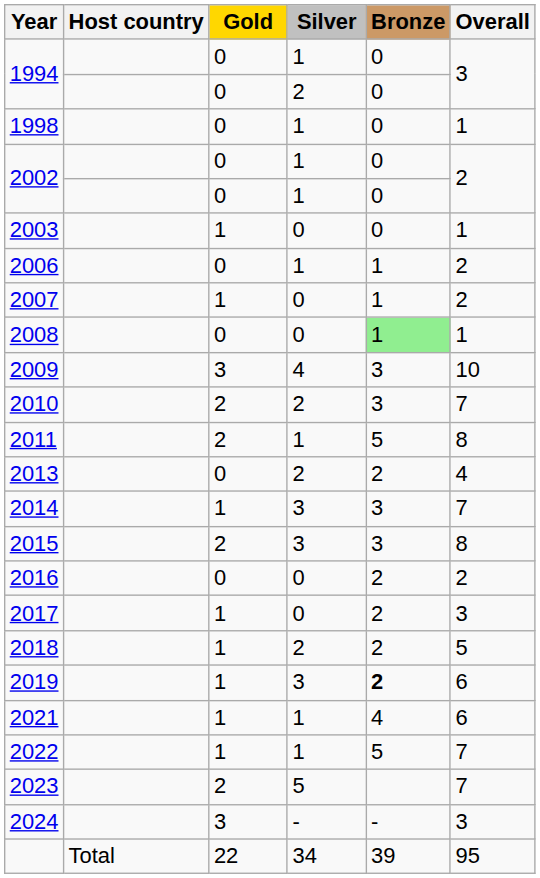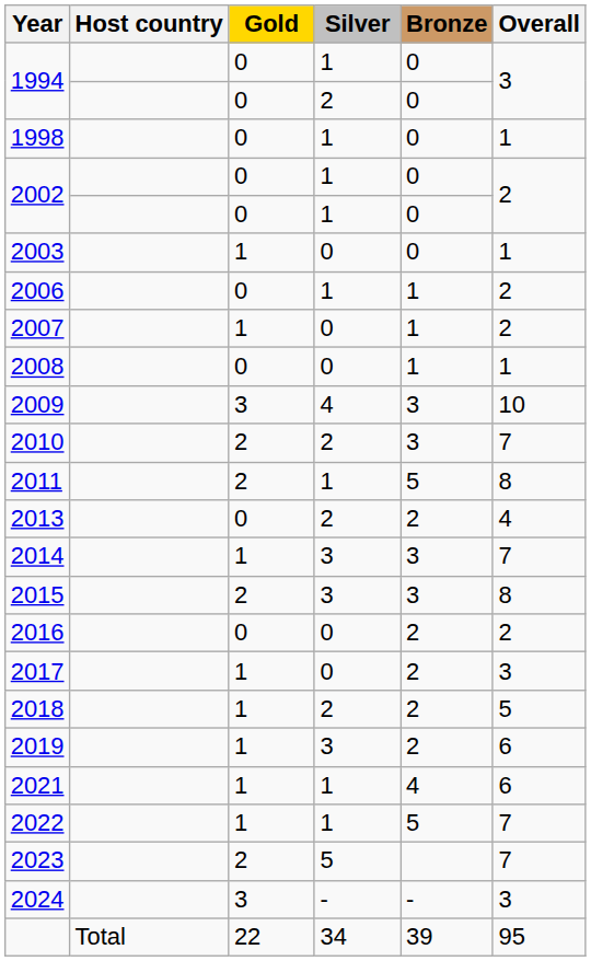 <table class="wikitable">
 <tr>
 <th>Year</th>
 <th>Host country</th>
 <th style="background:gold" width="50">Gold</th>
 <th style="background:silver" width="50">Silver</th>
 <th style="background:#cc9966" width="50">Bronze</th>
 <th>Overall</th>
 </tr>
 <tr>
 <td rowspan="2"><a href='#'>1994</a></td>
 <td></td>
 <td>0</td>
 <td>1</td>
 <td>0</td>
 <td rowspan="2">3</td>
 </tr>
 <tr>
 <td></td>
 <td>0</td>
 <td>2</td>
 <td>0</td>
 </tr>
 <tr>
 <td><a href='#'>1998</a></td>
 <td></td>
 <td>0</td>
 <td>1</td>
 <td>0</td>
 <td>1</td>
 </tr>
 <tr>
 <td rowspan="2"><a href='#'>2002</a></td>
 <td></td>
 <td>0</td>
 <td>1</td>
 <td>0</td>
 <td rowspan="2">2</td>
 </tr>
 <tr>
 <td></td>
 <td>0</td>
 <td>1</td>
 <td>0</td>
 </tr>
 <tr>
 <td><a href='#'>2003</a></td>
 <td></td>
 <td>1</td>
 <td>0</td>
 <td>0</td>
 <td>1</td>
 </tr>
 <tr>
 <td><a href='#'>2006</a></td>
 <td></td>
 <td>0</td>
 <td>1</td>
 <td>1</td>
 <td>2</td>
 </tr>
 <tr>
 <td><a href='#'>2007</a></td>
 <td></td>
 <td>1</td>
 <td>0</td>
 <td>1</td>
 <td>2</td>
 </tr>
 <tr>
 <td><a href='#'>2008</a></td>
 <td></td>
 <td>0</td>
 <td>0</td>
-<td style="background: lightgreen;">1</td>
+<td>1</td>
 <td>1</td>
 </tr>
 <tr>
 <td><a href='#'>2009</a></td>
 <td></td>
 <td>3</td>
 <td>4</td>
 <td>3</td>
 <td>10</td>
 </tr>
 <tr>
 <td><a href='#'>2010</a></td>
 <td></td>
 <td>2</td>
 <td>2</td>
 <td>3</td>
 <td>7</td>
 </tr>
 <tr>
 <td><a href='#'>2011</a></td>
 <td></td>
 <td>2</td>
 <td>1</td>
 <td>5</td>
 <td>8</td>
 </tr>
 <tr>
 <td><a href='#'>2013</a></td>
 <td></td>
 <td>0</td>
 <td>2</td>
 <td>2</td>
 <td>4</td>
 </tr>
 <tr>
 <td><a href='#'>2014</a></td>
 <td></td>
 <td>1</td>
 <td>3</td>
 <td>3</td>
 <td>7</td>
 </tr>
 <tr>
 <td><a href='#'>2015</a></td>
 <td></td>
 <td>2</td>
 <td>3</td>
 <td>3</td>
 <td>8</td>
 </tr>
 <tr>
 <td><a href='#'>2016</a></td>
 <td></td>
 <td>0</td>
 <td>0</td>
 <td>2</td>
 <td>2</td>
 </tr>
 <tr>
 <td><a href='#'>2017</a></td>
 <td></td>
 <td>1</td>
 <td>0</td>
 <td>2</td>
 <td>3</td>
 </tr>
 <tr>
 <td><a href='#'>2018</a></td>
 <td></td>
 <td>1</td>
 <td>2</td>
 <td>2</td>
 <td>5</td>
 </tr>
 <tr>
 <td><a href='#'>2019</a></td>
 <td></td>
 <td>1</td>
 <td>3</td>
-<td><strong>2</strong></td>
+<td>2</td>
 <td>6</td>
 </tr>
 <tr>
 <td><a href='#'>2021</a></td>
 <td></td>
 <td>1</td>
 <td>1</td>
 <td>4</td>
 <td>6</td>
 </tr>
 <tr>
 <td><a href='#'>2022</a></td>
 <td></td>
 <td>1</td>
 <td>1</td>
 <td>5</td>
 <td>7</td>
 </tr>
 <tr>
 <td><a href='#'>2023</a></td>
 <td></td>
 <td>2</td>
 <td>5</td>
 <td></td>
 <td>7</td>
 </tr>
 <tr>
 <td><a href='#'>2024</a></td>
 <td></td>
 <td>3</td>
 <td>-</td>
 <td>-</td>
 <td>3</td>
 </tr>
 <tr>
 <td></td>
 <td>Total</td>
 <td>22</td>
 <td>34</td>
 <td>39</td>
 <td>95</td>
 </tr>
 </table>
